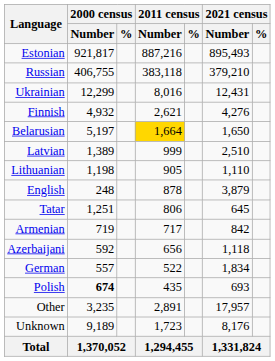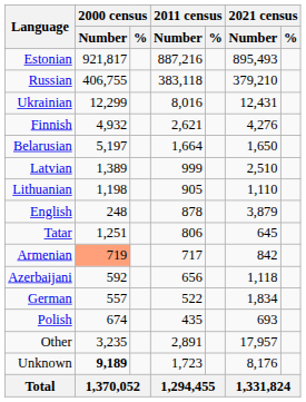 <table class="wikitable sortable" style="text-align:right;">
 <tr>
 <th rowspan="2">Language</th>
 <th colspan="2">2000 census</th>
 <th colspan="2">2011 census</th>
 <th colspan="2">2021 census </th>
 </tr>
 <tr>
 <th>Number</th>
 <th>%</th>
 <th>Number</th>
 <th>%</th>
 <th>Number</th>
 <th>%</th>
 </tr>
 <tr>
 <td><a href='#'>Estonian</a></td>
 <td>921,817</td>
 <td></td>
 <td>887,216</td>
 <td></td>
 <td>895,493</td>
 <td></td>
 </tr>
 <tr>
 <td><a href='#'>Russian</a></td>
 <td>406,755</td>
 <td></td>
 <td>383,118</td>
 <td></td>
 <td>379,210</td>
 <td></td>
 </tr>
 <tr>
 <td><a href='#'>Ukrainian</a></td>
 <td>12,299</td>
 <td></td>
 <td>8,016</td>
 <td></td>
 <td>12,431</td>
 <td></td>
 </tr>
 <tr>
 <td><a href='#'>Finnish</a></td>
 <td>4,932</td>
 <td></td>
 <td>2,621</td>
 <td></td>
 <td>4,276</td>
 <td></td>
 </tr>
 <tr>
 <td><a href='#'>Belarusian</a></td>
 <td>5,197</td>
 <td></td>
-<td style="background: gold;">1,664</td>
+<td>1,664</td>
 <td></td>
 <td>1,650</td>
 <td></td>
 </tr>
 <tr>
 <td><a href='#'>Latvian</a></td>
 <td>1,389</td>
 <td></td>
 <td>999</td>
 <td></td>
 <td>2,510</td>
 <td></td>
 </tr>
 <tr>
 <td><a href='#'>Lithuanian</a></td>
 <td>1,198</td>
 <td></td>
 <td>905</td>
 <td></td>
 <td>1,110</td>
 <td></td>
 </tr>
 <tr>
 <td><a href='#'>English</a></td>
 <td>248</td>
 <td></td>
 <td>878</td>
 <td></td>
 <td>3,879</td>
 <td></td>
 </tr>
 <tr>
 <td><a href='#'>Tatar</a></td>
 <td>1,251</td>
 <td></td>
 <td>806</td>
 <td></td>
 <td>645</td>
 <td></td>
 </tr>
 <tr>
 <td><a href='#'>Armenian</a></td>
-<td>719</td>
+<td style="background: lightsalmon;">719</td>
 <td></td>
 <td>717</td>
 <td></td>
 <td>842</td>
 <td></td>
 </tr>
 <tr>
 <td><a href='#'>Azerbaijani</a></td>
 <td>592</td>
 <td></td>
 <td>656</td>
 <td></td>
 <td>1,118</td>
 <td></td>
 </tr>
 <tr>
 <td><a href='#'>German</a></td>
 <td>557</td>
 <td></td>
 <td>522</td>
 <td></td>
 <td>1,834</td>
 <td></td>
 </tr>
 <tr>
 <td><a href='#'>Polish</a></td>
-<td><strong>674</strong></td>
+<td>674</td>
 <td></td>
 <td>435</td>
 <td></td>
 <td>693</td>
 <td></td>
 </tr>
 <tr>
 <td>Other</td>
 <td>3,235</td>
 <td></td>
 <td>2,891</td>
 <td></td>
 <td>17,957</td>
 <td></td>
 </tr>
 <tr>
 <td>Unknown</td>
-<td>9,189</td>
+<td><strong>9,189</strong></td>
 <td></td>
 <td>1,723</td>
 <td></td>
 <td>8,176</td>
 <td></td>
 </tr>
 <tr>
 <th>Total</th>
 <th colspan="2">1,370,052</th>
 <th colspan="2">1,294,455</th>
 <th colspan="2">1,331,824</th>
 </tr>
 </table>
